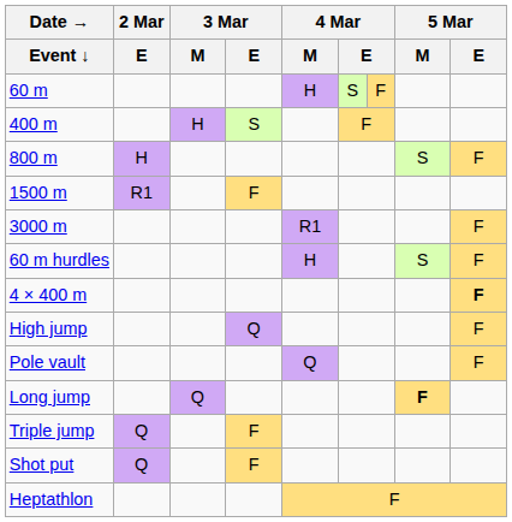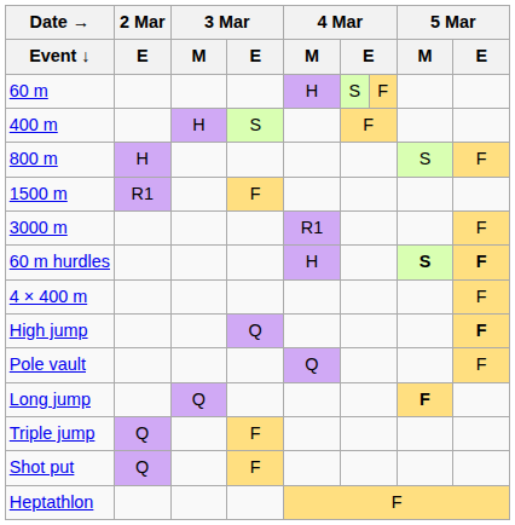 <table class="wikitable mw-datatable" style="margin:0.5em auto; font-size:90%; line-height:1.5em;">
 <tr align="center">
 <th>Date →</th>
 <th width="40px" colspan=1>2 Mar</th>
 <th width="80px" colspan=4>3 Mar</th>
 <th width="80px" colspan=4>4 Mar</th>
 <th width="80px" colspan=2>5 Mar</th>
 </tr>
 <tr>
 <th>Event ↓</th>
 <th width="40px">E</th>
 <th width="40px" colspan=2>M</th>
 <th width="40px" colspan=2>E</th>
 <th width="40px" colspan=2>M</th>
 <th width="40px" colspan=2>E</th>
 <th width="40px">M</th>
 <th width="40px">E</th>
 </tr>
 <tr align="center">
 <td align="left"><a href='#'>60 m</a></td>
 <td></td>
 <td colspan=2></td>
 <td colspan=2></td>
 <td bgcolor="#D0A9F5" colspan=2>H</td>
 <td bgcolor="#D9FFB2">S</td>
 <td bgcolor="#FFDF80">F</td>
 <td></td>
 <td></td>
 </tr>
 <tr align="center">
 <td align="left"><a href='#'>400 m</a></td>
 <td></td>
 <td bgcolor="#D0A9F5" colspan=2>H</td>
 <td bgcolor="#D9FFB2" colspan=2>S</td>
 <td colspan=2></td>
 <td bgcolor="#FFDF80" colspan=2>F</td>
 <td></td>
 <td></td>
 </tr>
 <tr align="center">
 <td align="left"><a href='#'>800 m</a></td>
 <td bgcolor="#D0A9F5">H</td>
 <td colspan=2></td>
 <td colspan=2></td>
 <td colspan=2></td>
 <td colspan=2></td>
 <td bgcolor="#D9FFB2">S</td>
 <td bgcolor="#FFDF80">F</td>
 </tr>
 <tr align="center">
 <td align="left"><a href='#'>1500 m</a></td>
 <td bgcolor="#D0A9F5">R1</td>
 <td colspan=2></td>
 <td bgcolor="#FFDF80" colspan=2>F</td>
 <td colspan=2></td>
 <td colspan=2></td>
 <td></td>
 <td></td>
 </tr>
 <tr align="center">
 <td align="left"><a href='#'>3000 m</a></td>
 <td></td>
 <td colspan=2></td>
 <td colspan=2></td>
 <td bgcolor="#D0A9F5" colspan=2>R1</td>
 <td colspan=2></td>
 <td></td>
 <td bgcolor="#FFDF80">F</td>
 </tr>
 <tr align="center">
 <td align="left"><a href='#'>60 m hurdles</a></td>
 <td></td>
 <td colspan=2></td>
 <td colspan=2></td>
 <td bgcolor="#D0A9F5" colspan=2>H</td>
 <td colspan=2></td>
-<td bgcolor="#D9FFB2">S</td>
-<td bgcolor="#FFDF80">F</td>
+<td bgcolor="#D9FFB2"><strong>S</strong></td>
+<td bgcolor="#FFDF80"><strong>F</strong></td>
 </tr>
 <tr align="center">
 <td align="left"><a href='#'>4 × 400 m</a></td>
 <td></td>
 <td colspan=2></td>
 <td colspan=2></td>
 <td colspan=2></td>
 <td colspan=2></td>
 <td></td>
-<td bgcolor="#FFDF80"><strong>F</strong></td>
+<td bgcolor="#FFDF80">F</td>
 </tr>
 <tr align="center">
 <td align="left"><a href='#'>High jump</a></td>
 <td></td>
 <td colspan=2></td>
 <td bgcolor="#D0A9F5" colspan=2>Q</td>
 <td colspan=2></td>
 <td colspan=2></td>
 <td></td>
-<td bgcolor="#FFDF80">F</td>
+<td bgcolor="#FFDF80"><strong>F</strong></td>
 </tr>
 <tr align="center">
 <td align="left"><a href='#'>Pole vault</a></td>
 <td></td>
 <td colspan=2></td>
 <td colspan=2></td>
 <td bgcolor="#D0A9F5" colspan=2>Q</td>
 <td colspan=2></td>
 <td></td>
 <td bgcolor="#FFDF80">F</td>
 </tr>
 <tr align="center">
 <td align="left"><a href='#'>Long jump</a></td>
 <td></td>
 <td bgcolor="#D0A9F5" colspan=2>Q</td>
 <td colspan=2></td>
 <td colspan=2></td>
 <td colspan=2></td>
 <td bgcolor="#FFDF80"><strong>F</strong></td>
 <td></td>
 </tr>
 <tr align="center">
 <td align="left"><a href='#'>Triple jump</a></td>
 <td bgcolor="#D0A9F5">Q</td>
 <td colspan=2></td>
 <td bgcolor="#FFDF80" colspan=2>F</td>
 <td colspan=2></td>
 <td colspan=2></td>
 <td></td>
 <td></td>
 </tr>
 <tr align="center">
 <td align="left"><a href='#'>Shot put</a></td>
 <td bgcolor="#D0A9F5">Q</td>
 <td colspan=2></td>
 <td bgcolor="#FFDF80" colspan=2>F</td>
 <td colspan=2></td>
 <td colspan=2></td>
 <td></td>
 <td></td>
 </tr>
 <tr align="center">
 <td align="left"><a href='#'>Heptathlon</a></td>
 <td></td>
 <td colspan=2></td>
 <td colspan=2></td>
 <td bgcolor="#FFDF80" colspan=8>F</td>
 </tr>
 </table>
